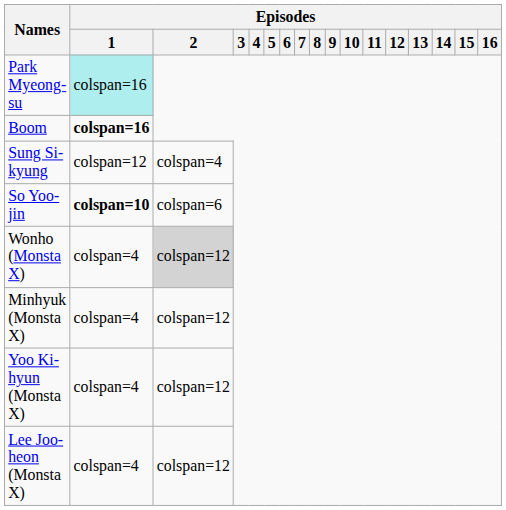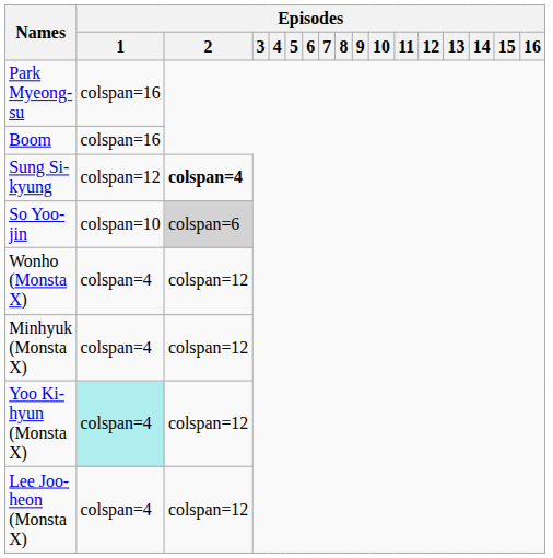 <table class="wikitable" style="width:70%;">
 <tr>
 <th style="width:20%;" rowspan=2>Names</th>
 <th colspan=16>Episodes</th>
 </tr>
 <tr>
 <th style="width:3%;">1</th>
 <th style="width:3%;">2</th>
 <th style="width:3%;">3</th>
 <th style="width:3%;">4</th>
 <th style="width:3%;">5</th>
 <th style="width:3%;">6</th>
 <th style="width:3%;">7</th>
 <th style="width:3%;">8</th>
 <th style="width:3%;">9</th>
 <th style="width:3%;">10</th>
 <th style="width:3%;">11</th>
 <th style="width:3%;">12</th>
 <th style="width:3%;">13</th>
 <th style="width:3%;">14</th>
 <th style="width:3%;">15</th>
 <th style="width:3%;">16</th>
 </tr>
 <tr>
 <td><a href='#'>Park Myeong-su</a></td>
-<td style="background: paleturquoise;">colspan=16 </td>
+<td>colspan=16 </td>
 </tr>
 <tr>
 <td><a href='#'>Boom</a></td>
-<td><strong>colspan=16 </strong></td>
+<td>colspan=16 </td>
 </tr>
 <tr>
 <td><a href='#'>Sung Si-kyung</a></td>
 <td>colspan=12 </td>
-<td>colspan=4 </td>
+<td><strong>colspan=4 </strong></td>
 </tr>
 <tr>
 <td><a href='#'>So Yoo-jin</a></td>
-<td><strong>colspan=10 </strong></td>
-<td>colspan=6 </td>
+<td>colspan=10 </td>
+<td style="background: lightgrey;">colspan=6 </td>
 </tr>
 <tr>
 <td>Wonho (<a href='#'>Monsta X</a>)</td>
 <td>colspan=4 </td>
-<td style="background: lightgrey;">colspan=12 </td>
+<td>colspan=12 </td>
 </tr>
 <tr>
 <td>Minhyuk (Monsta X)</td>
 <td>colspan=4 </td>
 <td>colspan=12 </td>
 </tr>
 <tr>
 <td><a href='#'>Yoo Ki-hyun</a> (Monsta X)</td>
-<td>colspan=4 </td>
+<td style="background: paleturquoise;">colspan=4 </td>
 <td>colspan=12 </td>
 </tr>
 <tr>
 <td><a href='#'>Lee Joo-heon</a> (Monsta X)</td>
 <td>colspan=4 </td>
 <td>colspan=12 </td>
 </tr>
 </table>
